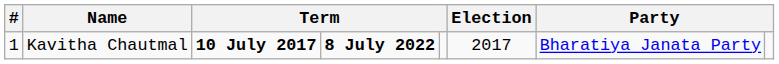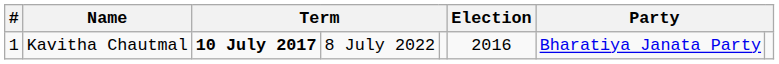 <table class="wikitable">
 <tr style="text-align:center">
 <th>#</th>
 <th>Name</th>
 <th colspan="3">Term</th>
 <th>Election</th>
 <th colspan="2">Party</th>
 </tr>
 <tr style="text-align:center">
 <td>1</td>
 <td>Kavitha Chautmal</td>
 <td><strong>10 July 2017</strong></td>
-<td><strong>8 July 2022</strong></td>
+<td>8 July 2022</td>
 <td></td>
-<td>2017</td>
+<td>2016</td>
 <td><a href='#'>Bharatiya Janata Party</a></td>
 <td></td>
 </tr>
 </table>
